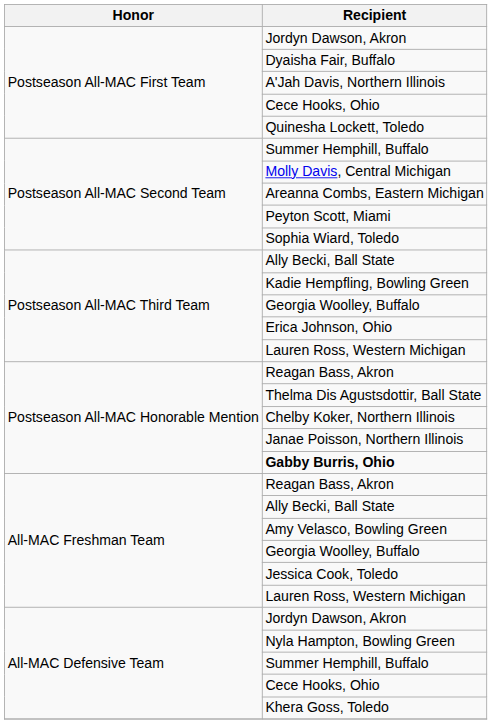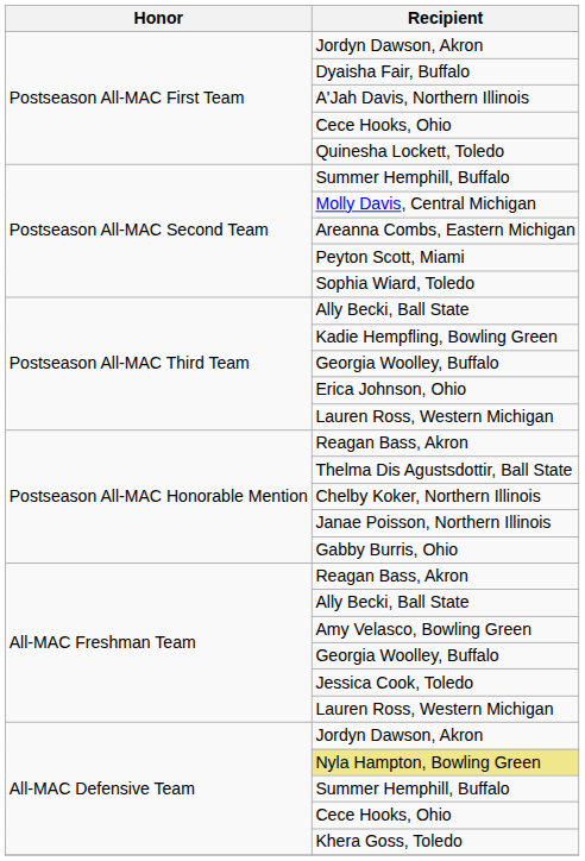 <table class="wikitable" border="1">
 <tr>
 <th>Honor</th>
 <th>Recipient</th>
 </tr>
 <tr>
 <td rowspan=5 valign=middle>Postseason All-MAC First Team</td>
 <td>Jordyn Dawson, Akron</td>
 </tr>
 <tr>
 <td>Dyaisha Fair, Buffalo</td>
 </tr>
 <tr>
 <td>A'Jah Davis, Northern Illinois</td>
 </tr>
 <tr>
 <td>Cece Hooks, Ohio</td>
 </tr>
 <tr>
 <td>Quinesha Lockett, Toledo</td>
 </tr>
 <tr>
 <td rowspan=5 valign=middle>Postseason All-MAC Second Team</td>
 <td>Summer Hemphill, Buffalo</td>
 </tr>
 <tr>
 <td><a href='#'>Molly Davis</a>, Central Michigan</td>
 </tr>
 <tr>
 <td>Areanna Combs, Eastern Michigan</td>
 </tr>
 <tr>
 <td>Peyton Scott, Miami</td>
 </tr>
 <tr>
 <td>Sophia Wiard, Toledo</td>
 </tr>
 <tr>
 <td rowspan=5 valign=middle>Postseason All-MAC Third Team</td>
 <td>Ally Becki, Ball State</td>
 </tr>
 <tr>
 <td>Kadie Hempfling, Bowling Green</td>
 </tr>
 <tr>
 <td>Georgia Woolley, Buffalo</td>
 </tr>
 <tr>
 <td>Erica Johnson, Ohio</td>
 </tr>
 <tr>
 <td>Lauren Ross, Western Michigan</td>
 </tr>
 <tr>
 <td rowspan=5 valign=middle>Postseason All-MAC Honorable Mention</td>
 <td>Reagan Bass, Akron</td>
 </tr>
 <tr>
 <td>Thelma Dis Agustsdottir, Ball State</td>
 </tr>
 <tr>
 <td>Chelby Koker, Northern Illinois</td>
 </tr>
 <tr>
 <td>Janae Poisson, Northern Illinois</td>
 </tr>
 <tr>
-<td><strong>Gabby Burris, Ohio</strong></td>
+<td>Gabby Burris, Ohio</td>
 </tr>
 <tr>
 <td rowspan=6 valign=middle>All-MAC Freshman Team</td>
 <td>Reagan Bass, Akron</td>
 </tr>
 <tr>
 <td>Ally Becki, Ball State</td>
 </tr>
 <tr>
 <td>Amy Velasco, Bowling Green</td>
 </tr>
 <tr>
 <td>Georgia Woolley, Buffalo</td>
 </tr>
 <tr>
 <td>Jessica Cook, Toledo</td>
 </tr>
 <tr>
 <td>Lauren Ross, Western Michigan</td>
 </tr>
 <tr>
 <td rowspan=5 valign=middle>All-MAC Defensive Team</td>
 <td>Jordyn Dawson, Akron</td>
 </tr>
 <tr>
-<td>Nyla Hampton, Bowling Green</td>
+<td style="background: khaki;">Nyla Hampton, Bowling Green</td>
 </tr>
 <tr>
 <td>Summer Hemphill, Buffalo</td>
 </tr>
 <tr>
 <td>Cece Hooks, Ohio</td>
 </tr>
 <tr>
 <td>Khera Goss, Toledo</td>
 </tr>
 <tr>
 </tr>
 </table>
